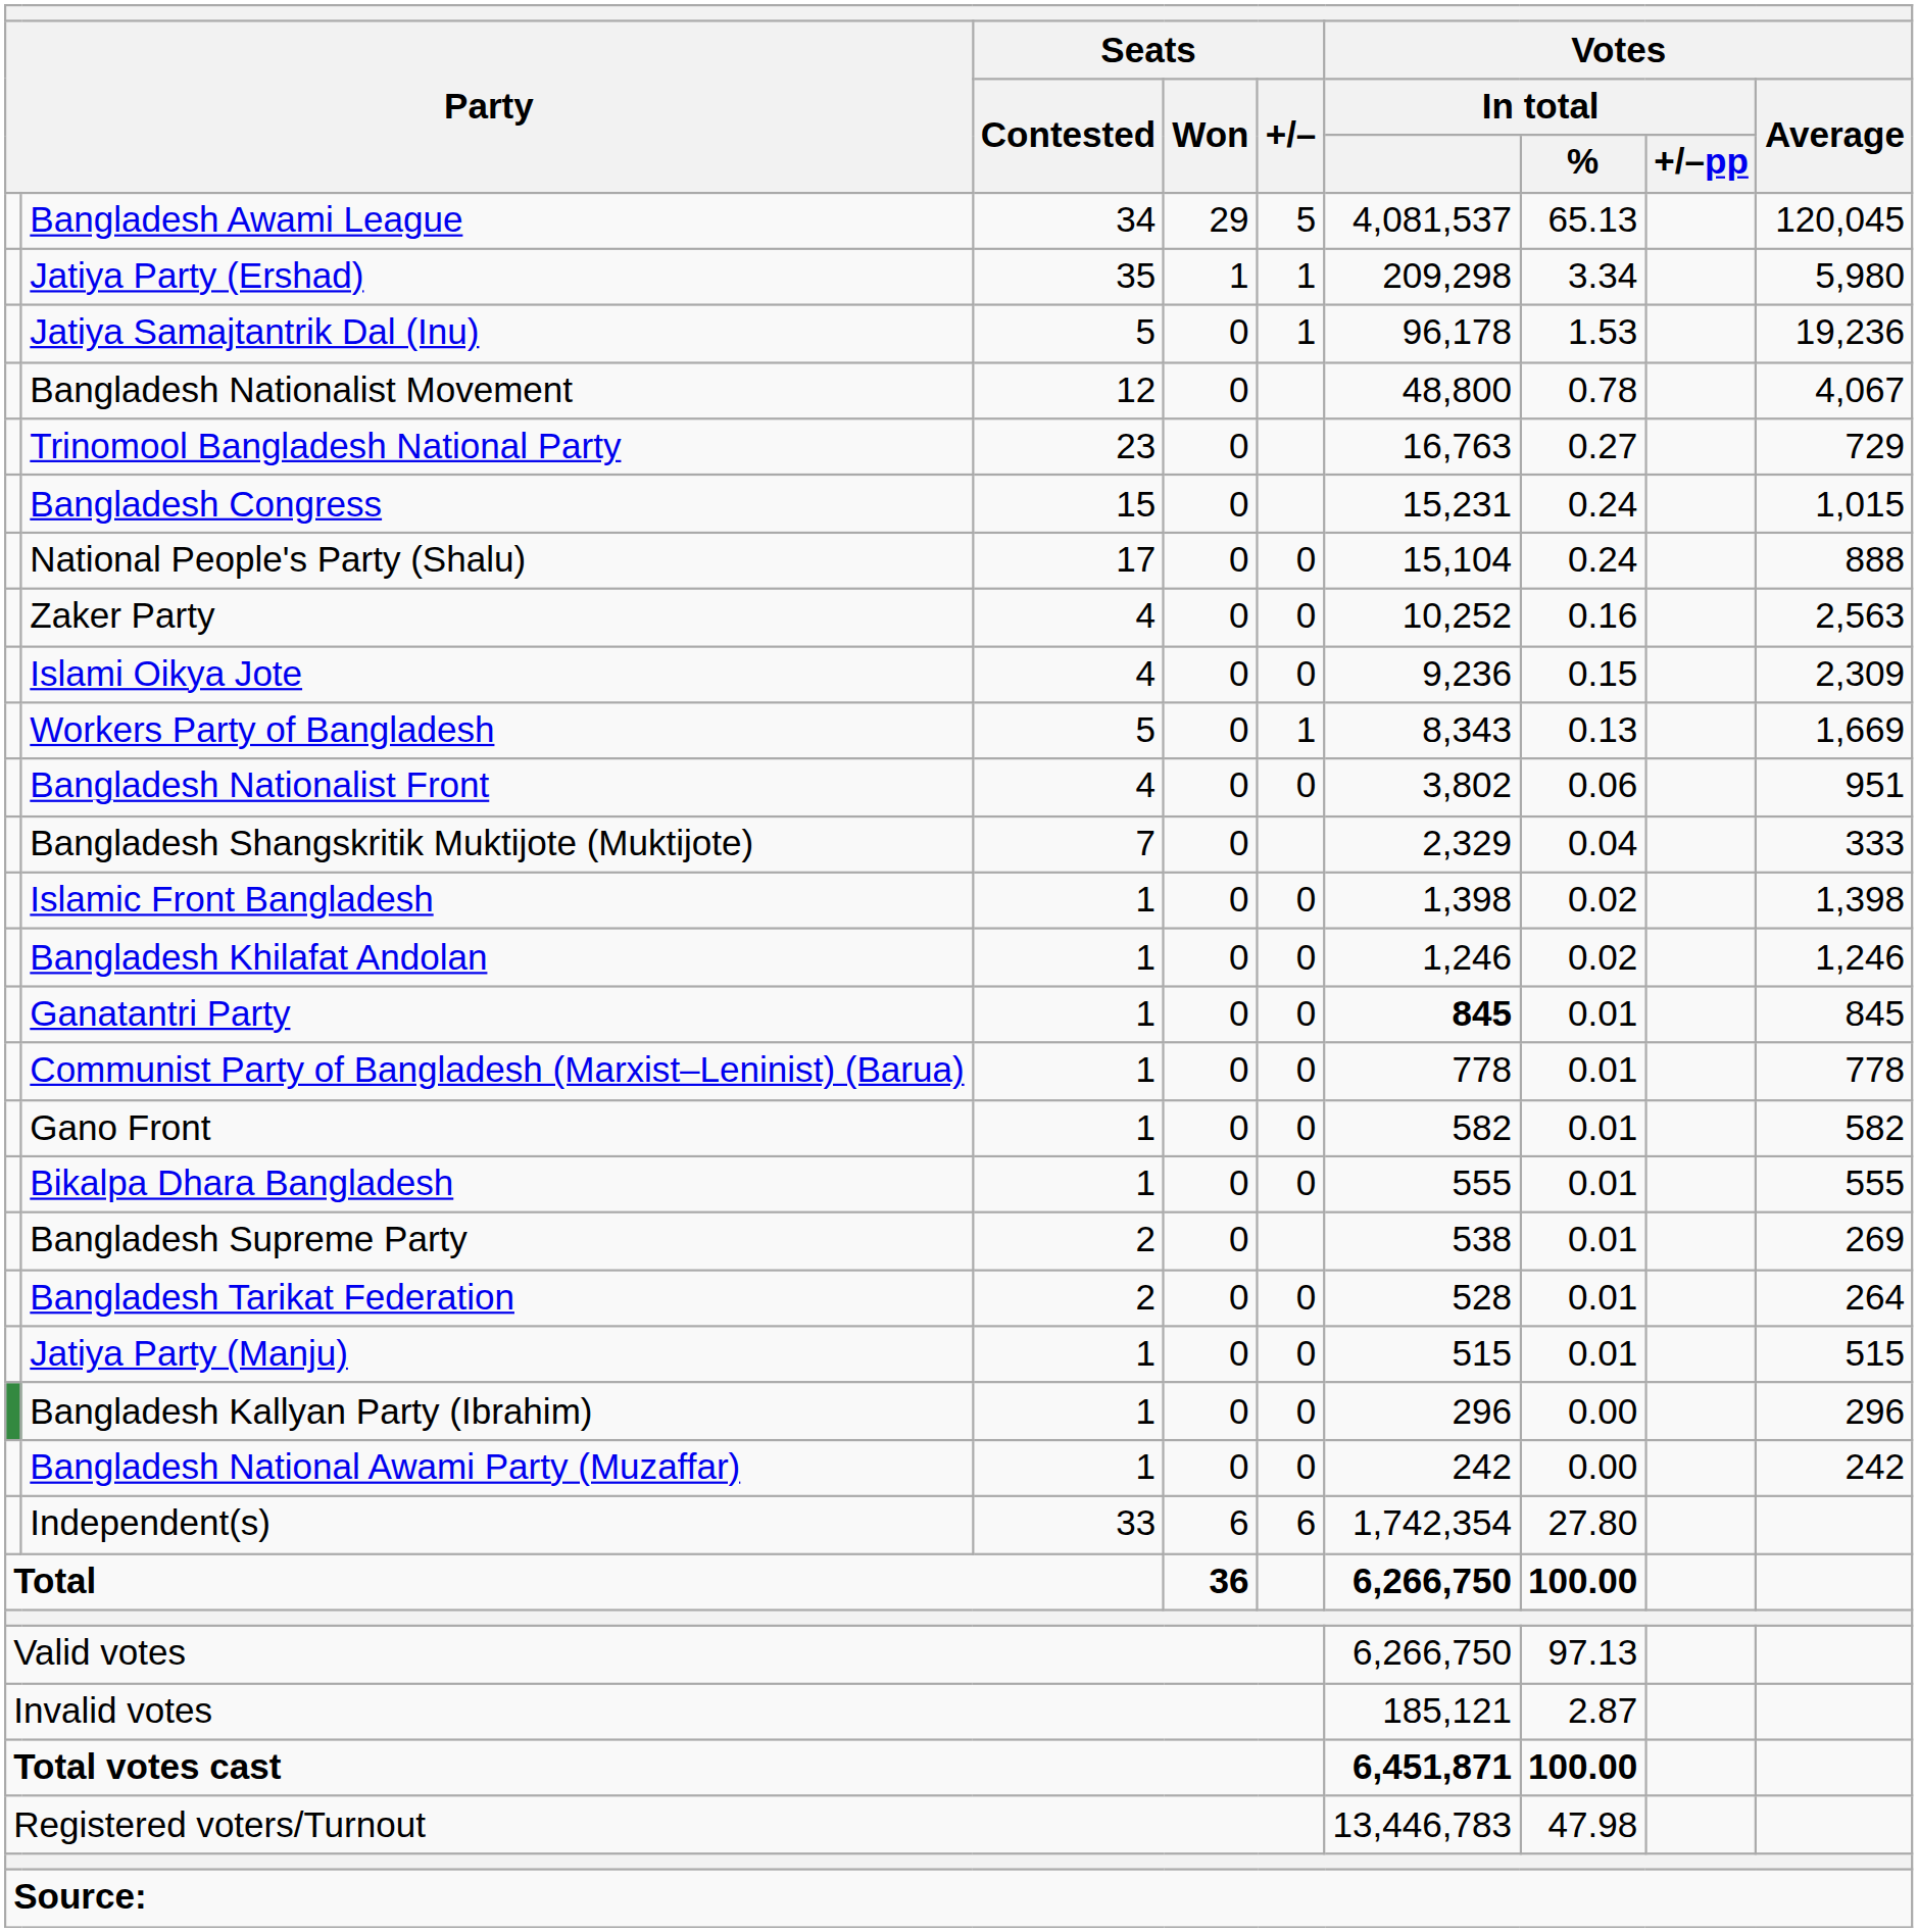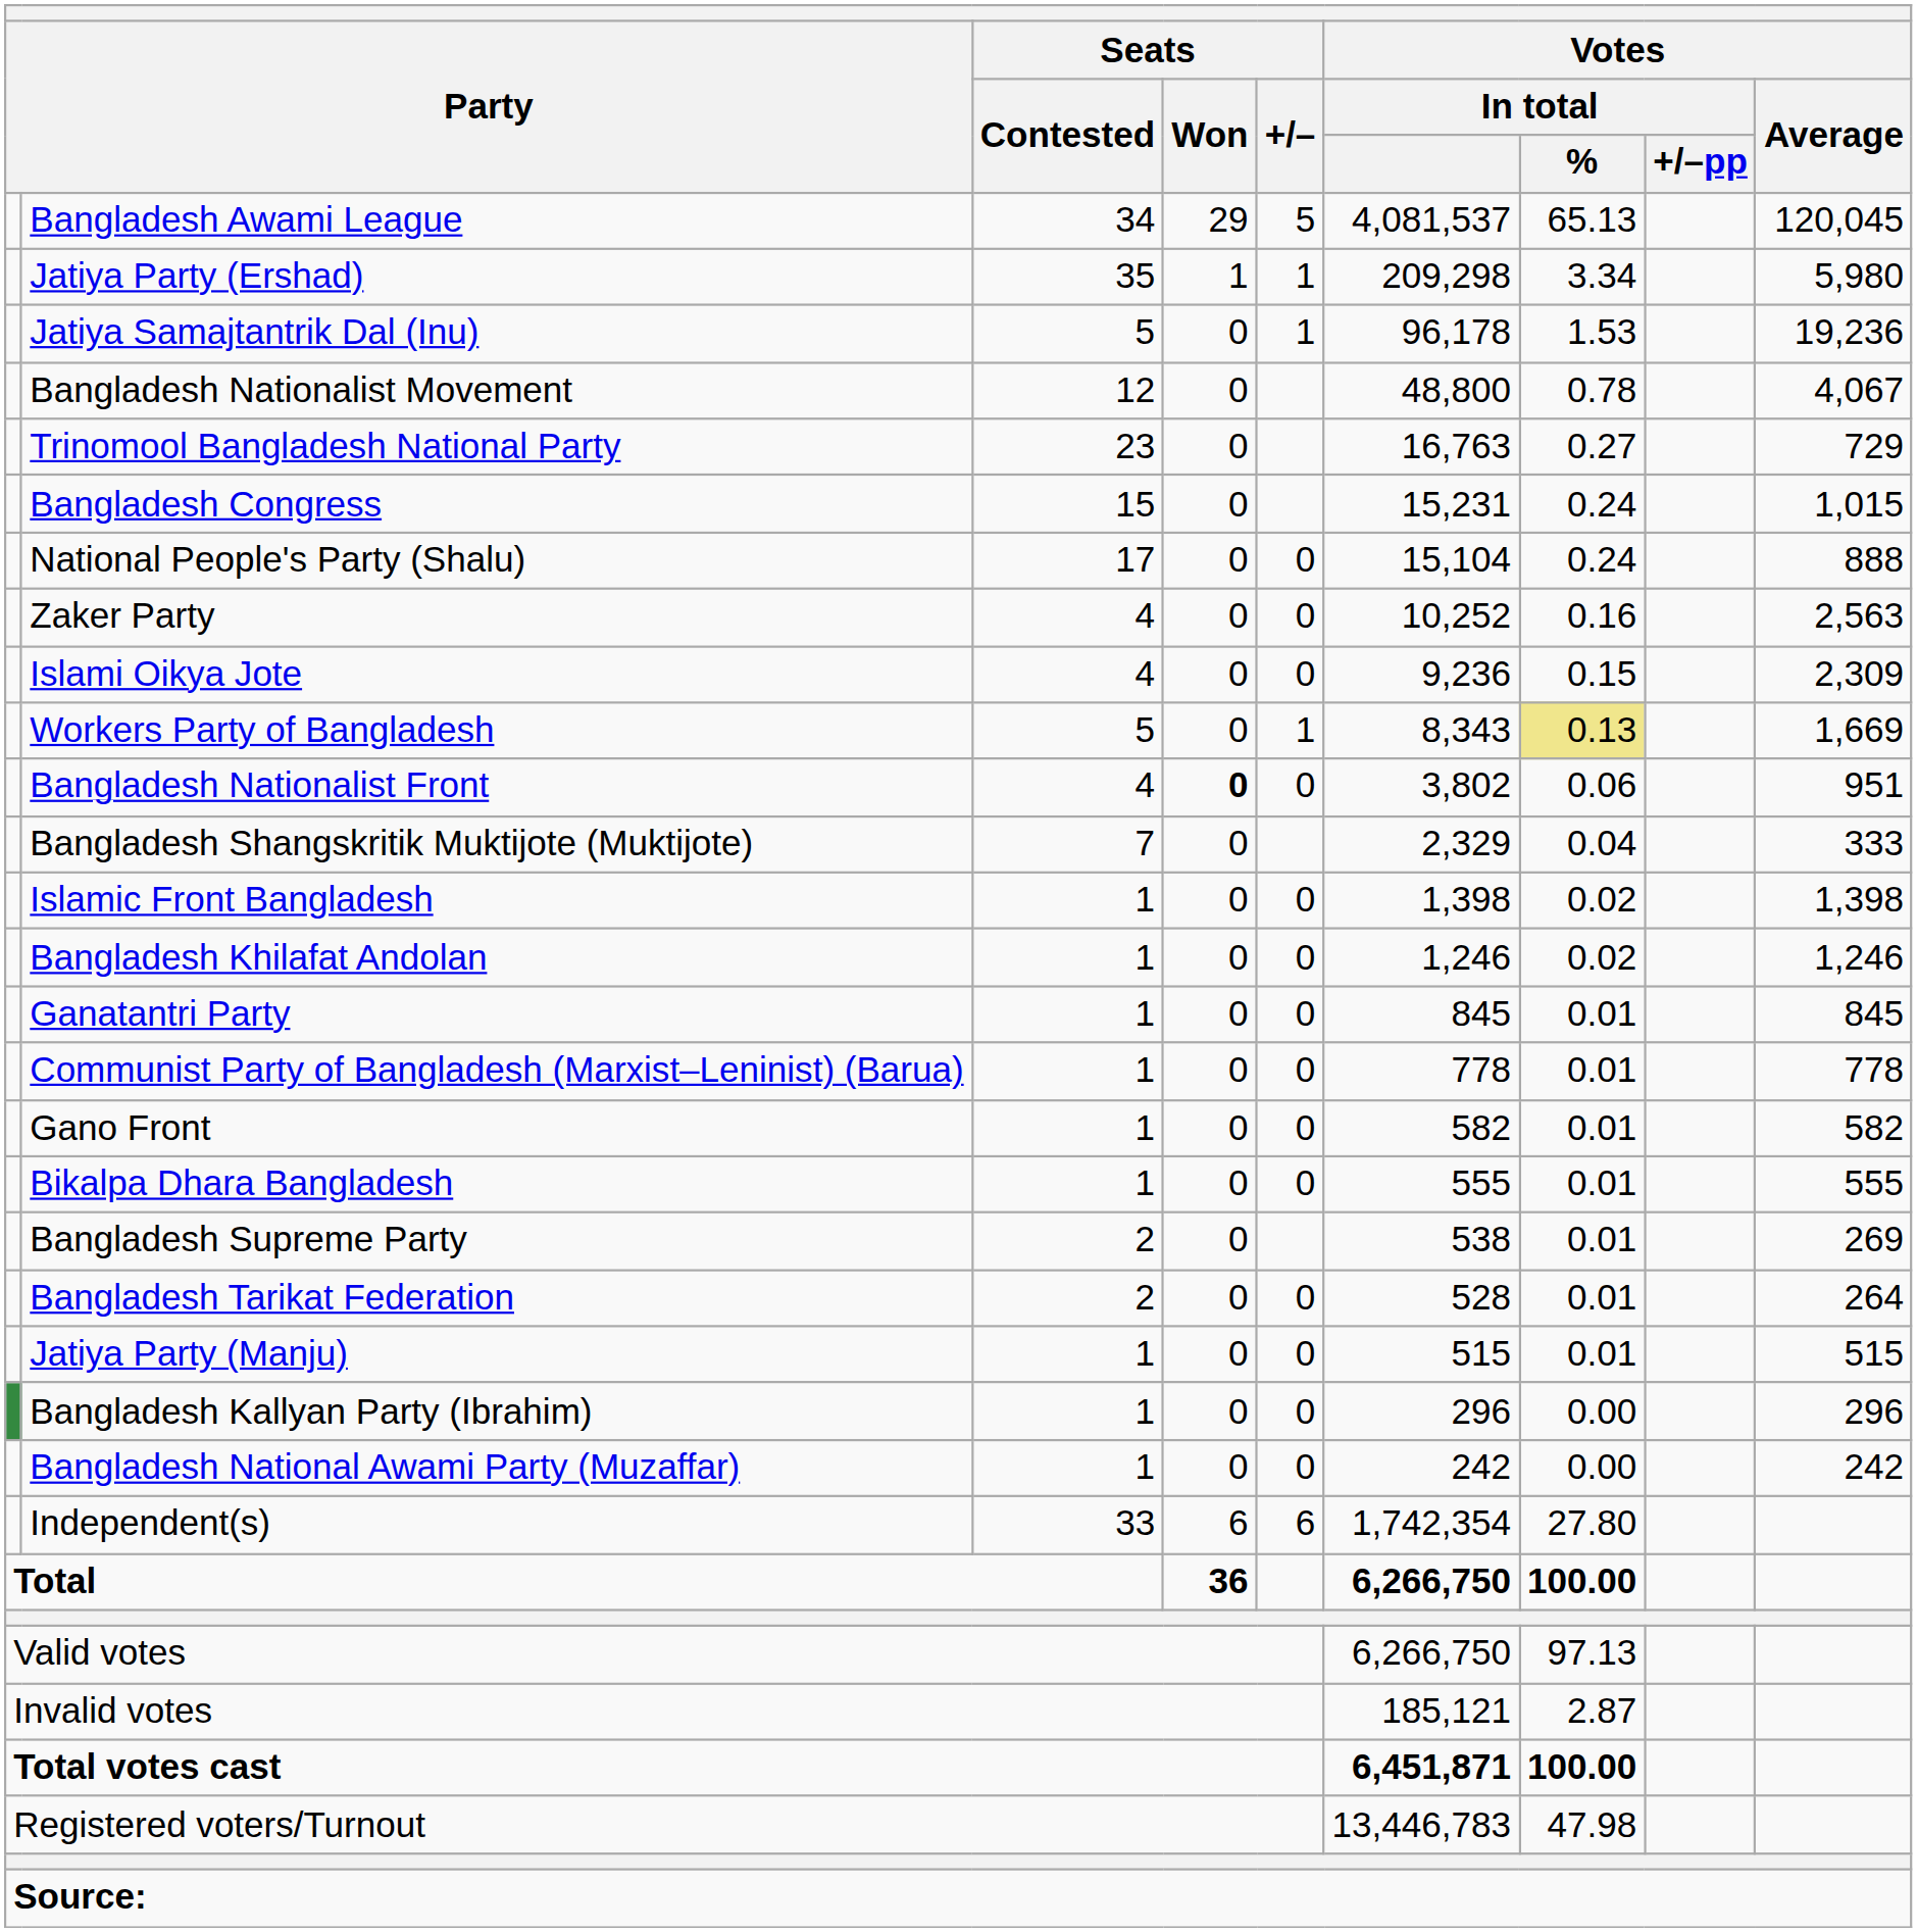 <table class="wikitable sortable">
 <tr>
 <th colspan="9"></th>
 </tr>
 <tr>
 <th colspan="2" rowspan="3">Party</th>
 <th colspan="3">Seats</th>
 <th colspan="4">Votes</th>
 </tr>
 <tr>
 <th rowspan="2">Contested</th>
 <th rowspan="2">Won</th>
 <th rowspan="2">+/–</th>
 <th colspan="3">In total</th>
 <th rowspan="2">Average</th>
 </tr>
 <tr>
 <th></th>
 <th>%</th>
 <th>+/–<a href='#'>pp</a></th>
 </tr>
 <tr>
 <td></td>
 <td><a href='#'>Bangladesh Awami League</a></td>
 <td style="text-align:right">34</td>
 <td style="text-align:right">29</td>
 <td style="text-align:right">5</td>
 <td style="text-align:right">4,081,537</td>
 <td style="text-align:right">65.13</td>
 <td style="text-align:right"></td>
 <td style="text-align:right">120,045</td>
 </tr>
 <tr>
 <td></td>
 <td><a href='#'>Jatiya Party (Ershad)</a></td>
 <td style="text-align:right">35</td>
 <td style="text-align:right">1</td>
 <td style="text-align:right">1</td>
 <td style="text-align:right">209,298</td>
 <td style="text-align:right">3.34</td>
 <td style="text-align:right"></td>
 <td style="text-align:right">5,980</td>
 </tr>
 <tr>
 <td></td>
 <td><a href='#'>Jatiya Samajtantrik Dal (Inu)</a></td>
 <td style="text-align:right">5</td>
 <td style="text-align:right">0</td>
 <td style="text-align:right">1</td>
 <td style="text-align:right">96,178</td>
 <td style="text-align:right">1.53</td>
 <td style="text-align:right"></td>
 <td style="text-align:right">19,236</td>
 </tr>
 <tr>
 <td></td>
 <td>Bangladesh Nationalist Movement</td>
 <td style="text-align:right">12</td>
 <td style="text-align:right">0</td>
 <td style="text-align:right"></td>
 <td style="text-align:right">48,800</td>
 <td style="text-align:right">0.78</td>
 <td style="text-align:right"></td>
 <td style="text-align:right">4,067</td>
 </tr>
 <tr>
 <td></td>
 <td><a href='#'>Trinomool Bangladesh National Party</a></td>
 <td style="text-align:right">23</td>
 <td style="text-align:right">0</td>
 <td style="text-align:right"></td>
 <td style="text-align:right">16,763</td>
 <td style="text-align:right">0.27</td>
 <td style="text-align:right"></td>
 <td style="text-align:right">729</td>
 </tr>
 <tr>
 <td></td>
 <td><a href='#'>Bangladesh Congress</a></td>
 <td style="text-align:right">15</td>
 <td style="text-align:right">0</td>
 <td style="text-align:right"></td>
 <td style="text-align:right">15,231</td>
 <td style="text-align:right">0.24</td>
 <td style="text-align:right"></td>
 <td style="text-align:right">1,015</td>
 </tr>
 <tr>
 <td></td>
 <td>National People's Party (Shalu)</td>
 <td style="text-align:right">17</td>
 <td style="text-align:right">0</td>
 <td style="text-align:right">0</td>
 <td style="text-align:right">15,104</td>
 <td style="text-align:right">0.24</td>
 <td style="text-align:right"></td>
 <td style="text-align:right">888</td>
 </tr>
 <tr>
 <td></td>
 <td>Zaker Party</td>
 <td style="text-align:right">4</td>
 <td style="text-align:right">0</td>
 <td style="text-align:right">0</td>
 <td style="text-align:right">10,252</td>
 <td style="text-align:right">0.16</td>
 <td style="text-align:right"></td>
 <td style="text-align:right">2,563</td>
 </tr>
 <tr>
 <td></td>
 <td><a href='#'>Islami Oikya Jote</a></td>
 <td style="text-align:right">4</td>
 <td style="text-align:right">0</td>
 <td style="text-align:right">0</td>
 <td style="text-align:right">9,236</td>
 <td style="text-align:right">0.15</td>
 <td style="text-align:right"></td>
 <td style="text-align:right">2,309</td>
 </tr>
 <tr>
 <td></td>
 <td><a href='#'>Workers Party of Bangladesh</a></td>
 <td style="text-align:right">5</td>
 <td style="text-align:right">0</td>
 <td style="text-align:right">1</td>
 <td style="text-align:right">8,343</td>
-<td style="text-align:right">0.13</td>
+<td style="background: khaki; text-align:right">0.13</td>
 <td style="text-align:right"></td>
 <td style="text-align:right">1,669</td>
 </tr>
 <tr>
 <td></td>
 <td><a href='#'>Bangladesh Nationalist Front</a></td>
 <td style="text-align:right">4</td>
-<td style="text-align:right">0</td>
+<td style="text-align:right"><strong>0</strong></td>
 <td style="text-align:right">0</td>
 <td style="text-align:right">3,802</td>
 <td style="text-align:right">0.06</td>
 <td style="text-align:right"></td>
 <td style="text-align:right">951</td>
 </tr>
 <tr>
 <td></td>
 <td>Bangladesh Shangskritik Muktijote (Muktijote)</td>
 <td style="text-align:right">7</td>
 <td style="text-align:right">0</td>
 <td style="text-align:right"></td>
 <td style="text-align:right">2,329</td>
 <td style="text-align:right">0.04</td>
 <td style="text-align:right"></td>
 <td style="text-align:right">333</td>
 </tr>
 <tr>
 <td></td>
 <td><a href='#'>Islamic Front Bangladesh</a></td>
 <td style="text-align:right">1</td>
 <td style="text-align:right">0</td>
 <td style="text-align:right">0</td>
 <td style="text-align:right">1,398</td>
 <td style="text-align:right">0.02</td>
 <td style="text-align:right"></td>
 <td style="text-align:right">1,398</td>
 </tr>
 <tr>
 <td></td>
 <td><a href='#'>Bangladesh Khilafat Andolan</a></td>
 <td style="text-align:right">1</td>
 <td style="text-align:right">0</td>
 <td style="text-align:right">0</td>
 <td style="text-align:right">1,246</td>
 <td style="text-align:right">0.02</td>
 <td style="text-align:right"></td>
 <td style="text-align:right">1,246</td>
 </tr>
 <tr>
 <td></td>
 <td><a href='#'>Ganatantri Party</a></td>
 <td style="text-align:right">1</td>
 <td style="text-align:right">0</td>
 <td style="text-align:right">0</td>
-<td style="text-align:right"><strong>845</strong></td>
+<td style="text-align:right">845</td>
 <td style="text-align:right">0.01</td>
 <td style="text-align:right"></td>
 <td style="text-align:right">845</td>
 </tr>
 <tr>
 <td></td>
 <td><a href='#'>Communist Party of Bangladesh (Marxist–Leninist) (Barua)</a></td>
 <td style="text-align:right">1</td>
 <td style="text-align:right">0</td>
 <td style="text-align:right">0</td>
 <td style="text-align:right">778</td>
 <td style="text-align:right">0.01</td>
 <td style="text-align:right"></td>
 <td style="text-align:right">778</td>
 </tr>
 <tr>
 <td></td>
 <td>Gano Front</td>
 <td style="text-align:right">1</td>
 <td style="text-align:right">0</td>
 <td style="text-align:right">0</td>
 <td style="text-align:right">582</td>
 <td style="text-align:right">0.01</td>
 <td style="text-align:right"></td>
 <td style="text-align:right">582</td>
 </tr>
 <tr>
 <td></td>
 <td><a href='#'>Bikalpa Dhara Bangladesh</a></td>
 <td style="text-align:right">1</td>
 <td style="text-align:right">0</td>
 <td style="text-align:right">0</td>
 <td style="text-align:right">555</td>
 <td style="text-align:right">0.01</td>
 <td style="text-align:right"></td>
 <td style="text-align:right">555</td>
 </tr>
 <tr>
 <td></td>
 <td>Bangladesh Supreme Party</td>
 <td style="text-align:right">2</td>
 <td style="text-align:right">0</td>
 <td style="text-align:right"></td>
 <td style="text-align:right">538</td>
 <td style="text-align:right">0.01</td>
 <td style="text-align:right"></td>
 <td style="text-align:right">269</td>
 </tr>
 <tr>
 <td></td>
 <td><a href='#'>Bangladesh Tarikat Federation</a></td>
 <td style="text-align:right">2</td>
 <td style="text-align:right">0</td>
 <td style="text-align:right">0</td>
 <td style="text-align:right">528</td>
 <td style="text-align:right">0.01</td>
 <td style="text-align:right"></td>
 <td style="text-align:right">264</td>
 </tr>
 <tr>
 <td></td>
 <td><a href='#'>Jatiya Party (Manju)</a></td>
 <td style="text-align:right">1</td>
 <td style="text-align:right">0</td>
 <td style="text-align:right">0</td>
 <td style="text-align:right">515</td>
 <td style="text-align:right">0.01</td>
 <td style="text-align:right"></td>
 <td style="text-align:right">515</td>
 </tr>
 <tr>
 <td style="background:#338940"></td>
 <td>Bangladesh Kallyan Party (Ibrahim)</td>
 <td style="text-align:right">1</td>
 <td style="text-align:right">0</td>
 <td style="text-align:right">0</td>
 <td style="text-align:right">296</td>
 <td style="text-align:right">0.00</td>
 <td style="text-align:right"></td>
 <td style="text-align:right">296</td>
 </tr>
 <tr>
 <td></td>
 <td><a href='#'>Bangladesh National Awami Party (Muzaffar)</a></td>
 <td style="text-align:right">1</td>
 <td style="text-align:right">0</td>
 <td style="text-align:right">0</td>
 <td style="text-align:right">242</td>
 <td style="text-align:right">0.00</td>
 <td style="text-align:right"></td>
 <td style="text-align:right">242</td>
 </tr>
 <tr>
 <td></td>
 <td>Independent(s)</td>
 <td style="text-align:right">33</td>
 <td style="text-align:right">6</td>
 <td style="text-align:right">6</td>
 <td style="text-align:right">1,742,354</td>
 <td style="text-align:right">27.80</td>
 <td style="text-align:right"></td>
 <td style="text-align:right"></td>
 </tr>
 <tr>
 <td colspan="3"><strong>Total</strong></td>
 <td style="text-align:right"><strong>36</strong></td>
 <td style="text-align:right"></td>
 <td style="text-align:right"><strong>6,266,750</strong></td>
 <td style="text-align:right"><strong>100.00</strong></td>
 <td style="text-align:right"></td>
 <td style="text-align:right"></td>
 </tr>
 <tr>
 <th colspan="9"></th>
 </tr>
 <tr>
 <td colspan="5">Valid votes</td>
 <td style="text-align:right">6,266,750</td>
 <td style="text-align:right">97.13</td>
 <td></td>
 <td></td>
 </tr>
 <tr>
 <td colspan="5">Invalid votes</td>
 <td style="text-align:right">185,121</td>
 <td style="text-align:right">2.87</td>
 <td></td>
 <td></td>
 </tr>
 <tr>
 <td colspan="5"><strong>Total votes cast</strong></td>
 <td style="text-align:right"><strong>6,451,871</strong></td>
 <td style="text-align:right"><strong>100.00</strong></td>
 <td></td>
 <td></td>
 </tr>
 <tr>
 <td colspan="5">Registered voters/Turnout</td>
 <td style="text-align:right">13,446,783</td>
 <td style="text-align:right">47.98</td>
 <td></td>
 <td></td>
 </tr>
 <tr>
 <th colspan="9"></th>
 </tr>
 <tr>
 <td colspan="9"><strong>Source:</strong> </td>
 </tr>
 </table>
